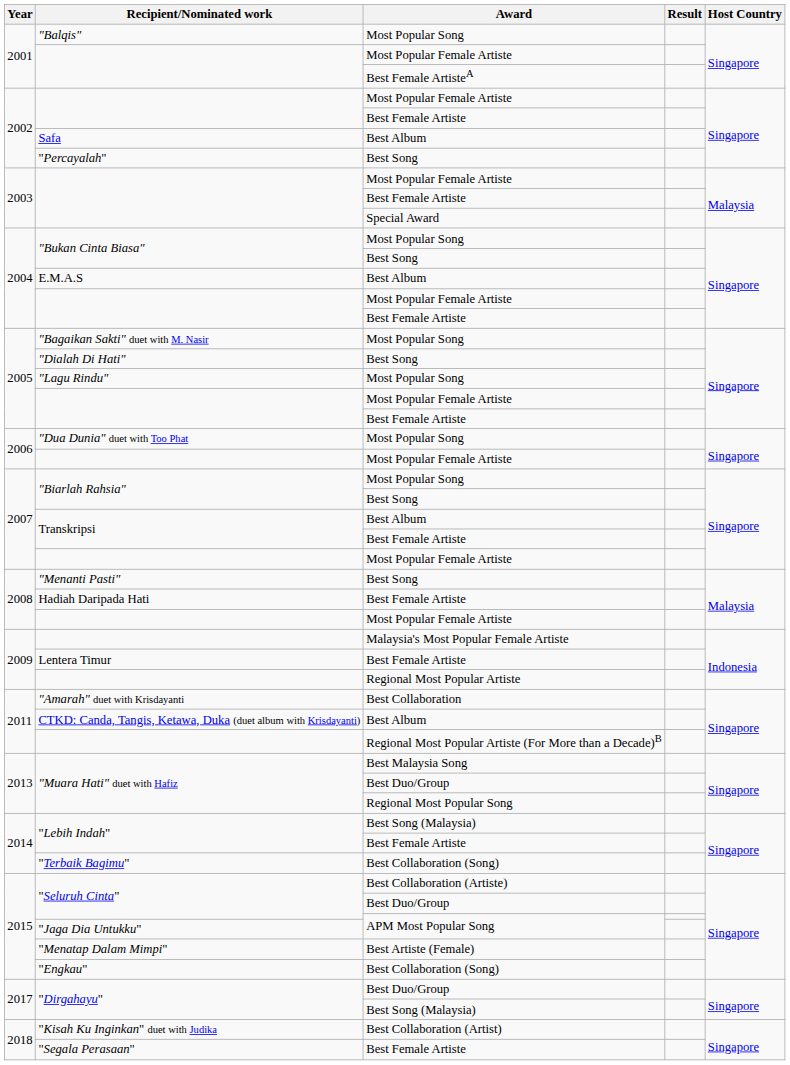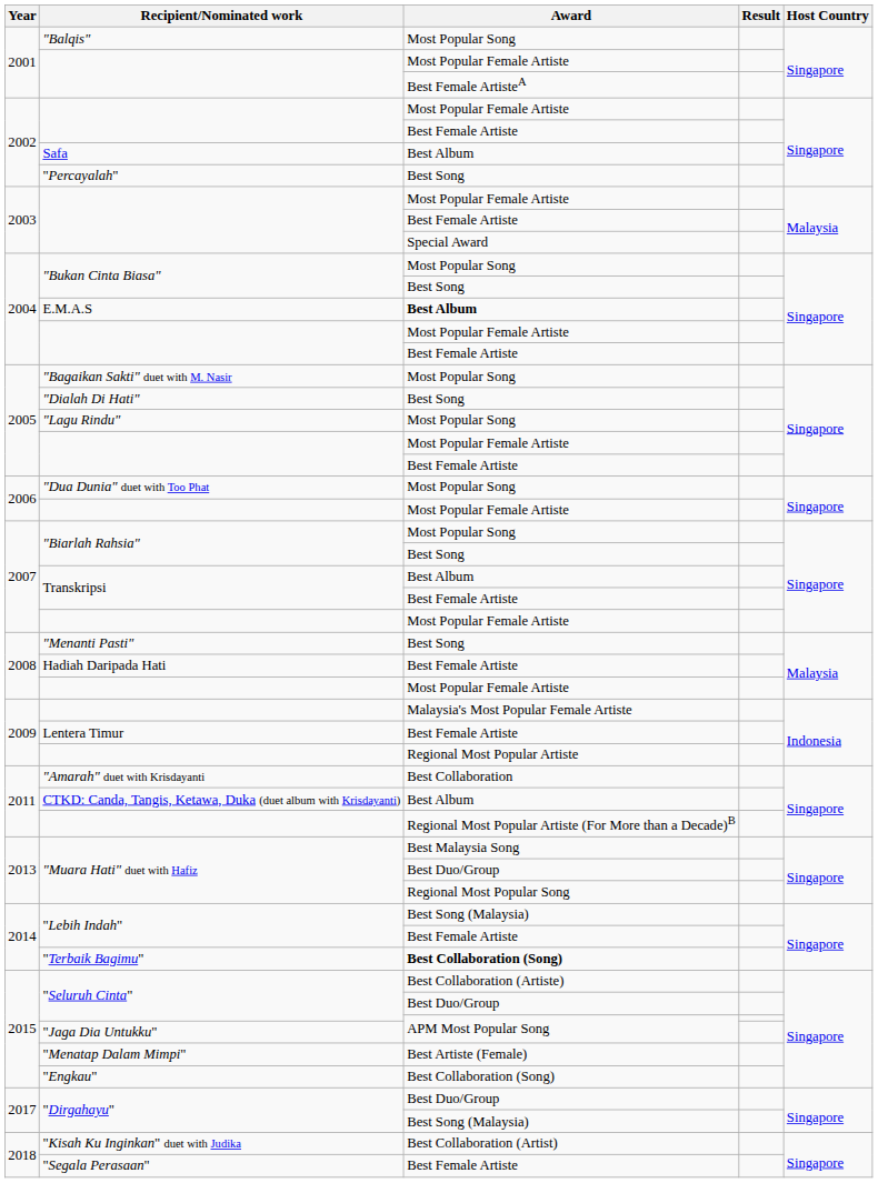 <table class="wikitable">
 <tr>
 <th>Year</th>
 <th>Recipient/Nominated work</th>
 <th>Award</th>
 <th>Result</th>
 <th>Host Country</th>
 </tr>
 <tr>
 <td rowspan="3">2001</td>
 <td><em>"Balqis"</em></td>
 <td>Most Popular Song</td>
 <td></td>
 <td rowspan="3"> <br> <a href='#'>Singapore</a></td>
 </tr>
 <tr>
 <td rowspan="2"></td>
 <td>Most Popular Female Artiste</td>
 <td></td>
 </tr>
 <tr>
 <td>Best Female Artiste<sup>A</sup></td>
 <td></td>
 </tr>
 <tr>
 <td rowspan="4">2002</td>
 <td rowspan="2"></td>
 <td>Most Popular Female Artiste</td>
 <td></td>
 <td rowspan="4"> <br> <a href='#'>Singapore</a></td>
 </tr>
 <tr>
 <td>Best Female Artiste</td>
 <td></td>
 </tr>
 <tr>
 <td><a href='#'>Safa</a></td>
 <td>Best Album</td>
 <td></td>
 </tr>
 <tr>
 <td>"<em>Percayalah</em>"</td>
 <td>Best Song</td>
 <td></td>
 </tr>
 <tr>
 <td rowspan="3">2003</td>
 <td rowspan="3"></td>
 <td>Most Popular Female Artiste</td>
 <td></td>
 <td rowspan="3"> <br> <a href='#'>Malaysia</a></td>
 </tr>
 <tr>
 <td>Best Female Artiste</td>
 <td></td>
 </tr>
 <tr>
 <td>Special Award</td>
 <td></td>
 </tr>
 <tr>
 <td rowspan="5">2004</td>
 <td rowspan="2"><em>"Bukan Cinta Biasa"</em></td>
 <td>Most Popular Song</td>
 <td></td>
 <td rowspan="5"> <br> <a href='#'>Singapore</a></td>
 </tr>
 <tr>
 <td>Best Song</td>
 <td></td>
 </tr>
 <tr>
 <td>E.M.A.S</td>
-<td>Best Album</td>
+<td><strong>Best Album</strong></td>
 <td></td>
 </tr>
 <tr>
 <td rowspan="2"></td>
 <td>Most Popular Female Artiste</td>
 <td></td>
 </tr>
 <tr>
 <td>Best Female Artiste</td>
 <td></td>
 </tr>
 <tr>
 <td rowspan="5">2005</td>
 <td><em>"Bagaikan Sakti"</em> <small>duet with <a href='#'>M. Nasir</a></small></td>
 <td>Most Popular Song</td>
 <td></td>
 <td rowspan="5"> <br> <a href='#'>Singapore</a></td>
 </tr>
 <tr>
 <td><em>"Dialah Di Hati"</em></td>
 <td>Best Song</td>
 <td></td>
 </tr>
 <tr>
 <td><em>"Lagu Rindu"</em></td>
 <td>Most Popular Song</td>
 <td></td>
 </tr>
 <tr>
 <td rowspan="2"></td>
 <td>Most Popular Female Artiste</td>
 <td></td>
 </tr>
 <tr>
 <td>Best Female Artiste</td>
 <td></td>
 </tr>
 <tr>
 <td rowspan="2">2006</td>
 <td><em>"Dua Dunia"</em> <small>duet with <a href='#'>Too Phat</a></small></td>
 <td>Most Popular Song</td>
 <td></td>
 <td rowspan="2"> <br> <a href='#'>Singapore</a></td>
 </tr>
 <tr>
 <td></td>
 <td>Most Popular Female Artiste</td>
 <td></td>
 </tr>
 <tr>
 <td rowspan="5">2007</td>
 <td rowspan="2"><em>"Biarlah Rahsia"</em></td>
 <td>Most Popular Song</td>
 <td></td>
 <td rowspan="5"> <br> <a href='#'>Singapore</a></td>
 </tr>
 <tr>
 <td>Best Song</td>
 <td></td>
 </tr>
 <tr>
 <td rowspan="2">Transkripsi</td>
 <td>Best Album</td>
 <td></td>
 </tr>
 <tr>
 <td>Best Female Artiste</td>
 <td></td>
 </tr>
 <tr>
 <td></td>
 <td>Most Popular Female Artiste</td>
 <td></td>
 </tr>
 <tr>
 <td rowspan="3">2008</td>
 <td><em>"Menanti Pasti"</em></td>
 <td>Best Song</td>
 <td></td>
 <td rowspan="3"> <br> <a href='#'>Malaysia</a></td>
 </tr>
 <tr>
 <td rowspan="1">Hadiah Daripada Hati</td>
 <td>Best Female Artiste</td>
 <td></td>
 </tr>
 <tr>
 <td></td>
 <td>Most Popular Female Artiste</td>
 <td></td>
 </tr>
 <tr>
 <td rowspan="3">2009</td>
 <td></td>
 <td>Malaysia's Most Popular Female Artiste</td>
 <td></td>
 <td rowspan="3"> <br> <a href='#'>Indonesia</a></td>
 </tr>
 <tr>
 <td>Lentera Timur</td>
 <td>Best Female Artiste</td>
 <td></td>
 </tr>
 <tr>
 <td></td>
 <td>Regional Most Popular Artiste</td>
 <td></td>
 </tr>
 <tr>
 <td rowspan="3">2011</td>
 <td><em>"Amarah"</em> <small>duet with Krisdayanti</small></td>
 <td>Best Collaboration</td>
 <td></td>
 <td rowspan="3"> <br> <a href='#'>Singapore</a></td>
 </tr>
 <tr>
 <td><a href='#'>CTKD: Canda, Tangis, Ketawa, Duka</a> <small>(duet album with <a href='#'>Krisdayanti</a>)</small></td>
 <td>Best Album</td>
 <td></td>
 </tr>
 <tr>
 <td></td>
 <td>Regional Most Popular Artiste (For More than a Decade)<sup>B</sup></td>
 <td></td>
 </tr>
 <tr>
 <td rowspan="3">2013</td>
 <td rowspan="3"><em>"Muara Hati"</em> <small>duet with <a href='#'>Hafiz</a></small></td>
 <td>Best Malaysia Song</td>
 <td></td>
 <td rowspan="3"> <br> <a href='#'>Singapore</a></td>
 </tr>
 <tr>
 <td>Best Duo/Group</td>
 <td></td>
 </tr>
 <tr>
 <td>Regional Most Popular Song</td>
 <td></td>
 </tr>
 <tr>
 <td rowspan="3">2014</td>
 <td rowspan="2">"<em>Lebih Indah</em>"</td>
 <td>Best Song (Malaysia)</td>
 <td></td>
 <td rowspan="3"> <br> <a href='#'>Singapore</a></td>
 </tr>
 <tr>
 <td>Best Female Artiste</td>
 <td></td>
 </tr>
 <tr>
 <td>"<em><a href='#'>Terbaik Bagimu</a></em>"</td>
-<td>Best Collaboration (Song)</td>
+<td><strong>Best Collaboration (Song)</strong></td>
 <td></td>
 </tr>
 <tr>
 <td rowspan="6">2015</td>
 <td rowspan="3">"<em><a href='#'>Seluruh Cinta</a></em>"</td>
 <td>Best Collaboration (Artiste)</td>
 <td></td>
 <td rowspan="6"> <br> <a href='#'>Singapore</a></td>
 </tr>
 <tr>
 <td>Best Duo/Group</td>
 <td></td>
 </tr>
 <tr>
 <td rowspan="2">APM Most Popular Song</td>
 <td></td>
 </tr>
 <tr>
 <td>"<em>Jaga Dia Untukku</em>"</td>
 <td></td>
 </tr>
 <tr>
 <td>"<em>Menatap Dalam Mimpi</em>"</td>
 <td>Best Artiste (Female)</td>
 <td></td>
 </tr>
 <tr>
 <td>"<em>Engkau</em>"</td>
 <td>Best Collaboration (Song)</td>
 <td></td>
 </tr>
 <tr>
 <td rowspan="2">2017</td>
 <td rowspan="2">"<em><a href='#'>Dirgahayu</a></em>"</td>
 <td>Best Duo/Group</td>
 <td></td>
 <td rowspan="2"> <br> <a href='#'>Singapore</a></td>
 </tr>
 <tr>
 <td>Best Song (Malaysia)</td>
 <td></td>
 </tr>
 <tr>
 <td rowspan="2">2018</td>
 <td>"<em>Kisah Ku Inginkan</em>" <small>duet with <a href='#'>Judika</a></small></td>
 <td>Best Collaboration (Artist)</td>
 <td></td>
 <td rowspan="2"> <br> <a href='#'>Singapore</a></td>
 </tr>
 <tr>
 <td>"<em>Segala Perasaan</em>"</td>
 <td>Best Female Artiste</td>
 <td></td>
 </tr>
 </table>
